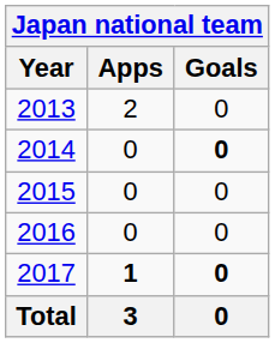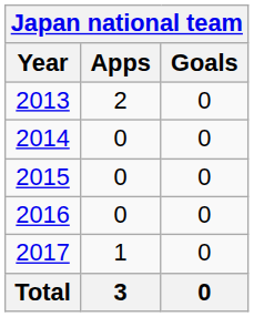 <table class="wikitable" style="text-align:center">
 <tr>
 <th colspan=3><a href='#'>Japan national team</a></th>
 </tr>
 <tr>
 <th>Year</th>
 <th>Apps</th>
 <th>Goals</th>
 </tr>
 <tr>
 <td><a href='#'>2013</a></td>
 <td>2</td>
 <td>0</td>
 </tr>
 <tr>
 <td><a href='#'>2014</a></td>
 <td>0</td>
-<td><strong>0</strong></td>
+<td>0</td>
 </tr>
 <tr>
 <td><a href='#'>2015</a></td>
 <td>0</td>
 <td>0</td>
 </tr>
 <tr>
 <td><a href='#'>2016</a></td>
 <td>0</td>
 <td>0</td>
 </tr>
 <tr>
 <td><a href='#'>2017</a></td>
-<td><strong>1</strong></td>
-<td><strong>0</strong></td>
+<td>1</td>
+<td>0</td>
 </tr>
 <tr>
 <th>Total</th>
 <th>3</th>
 <th>0</th>
 </tr>
 </table>
